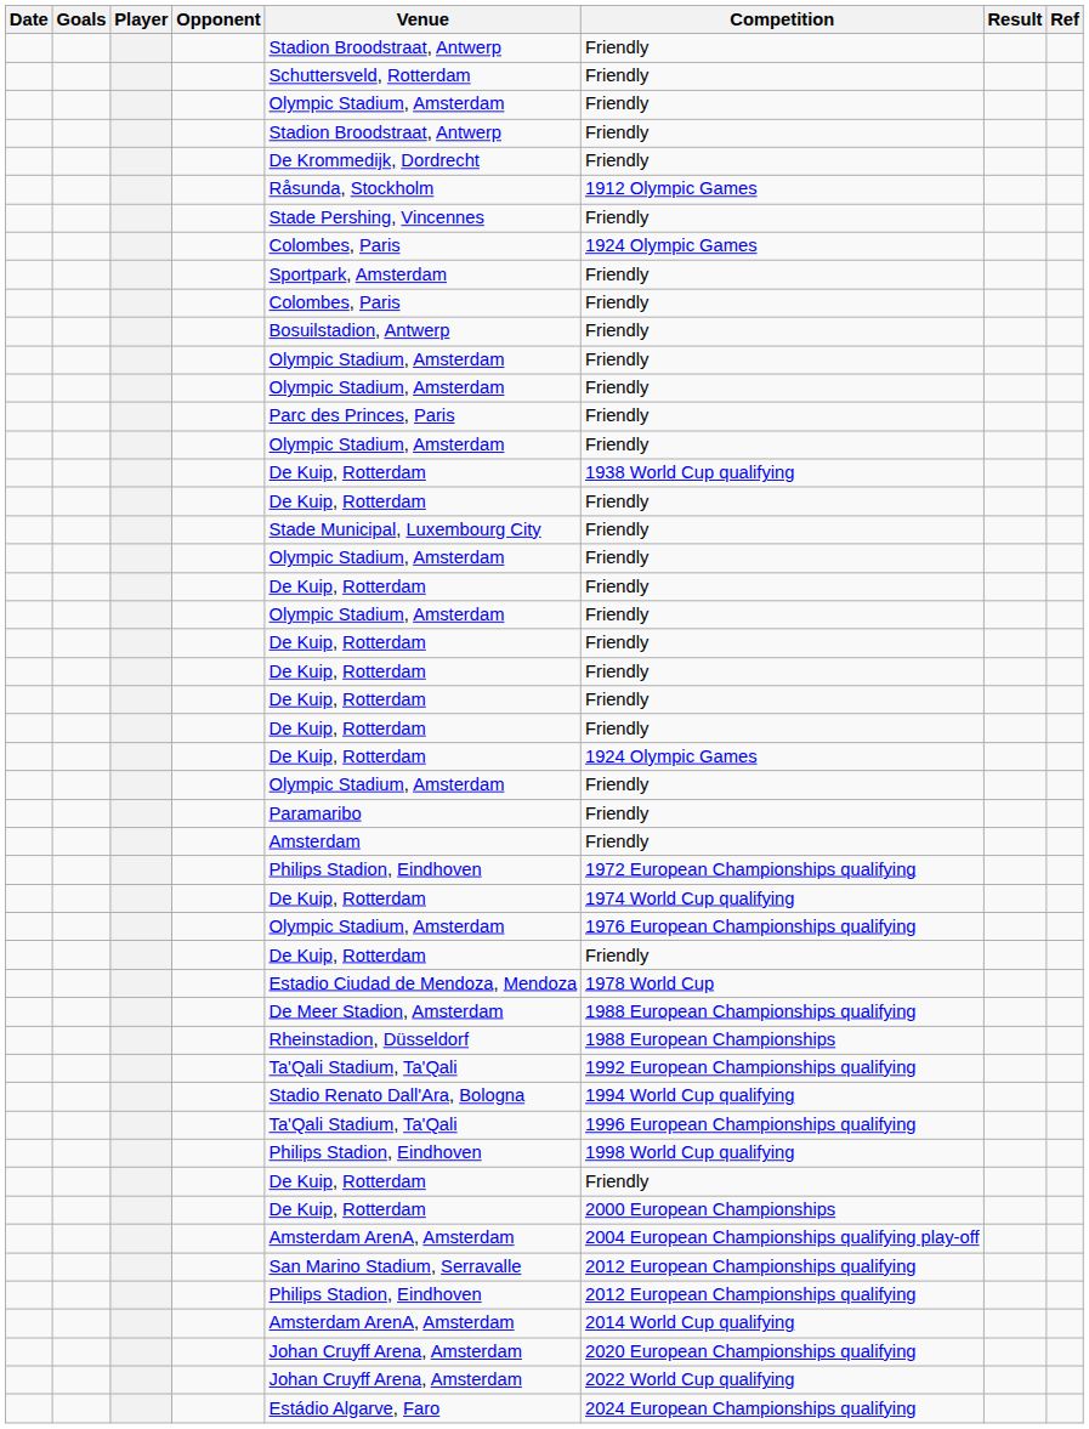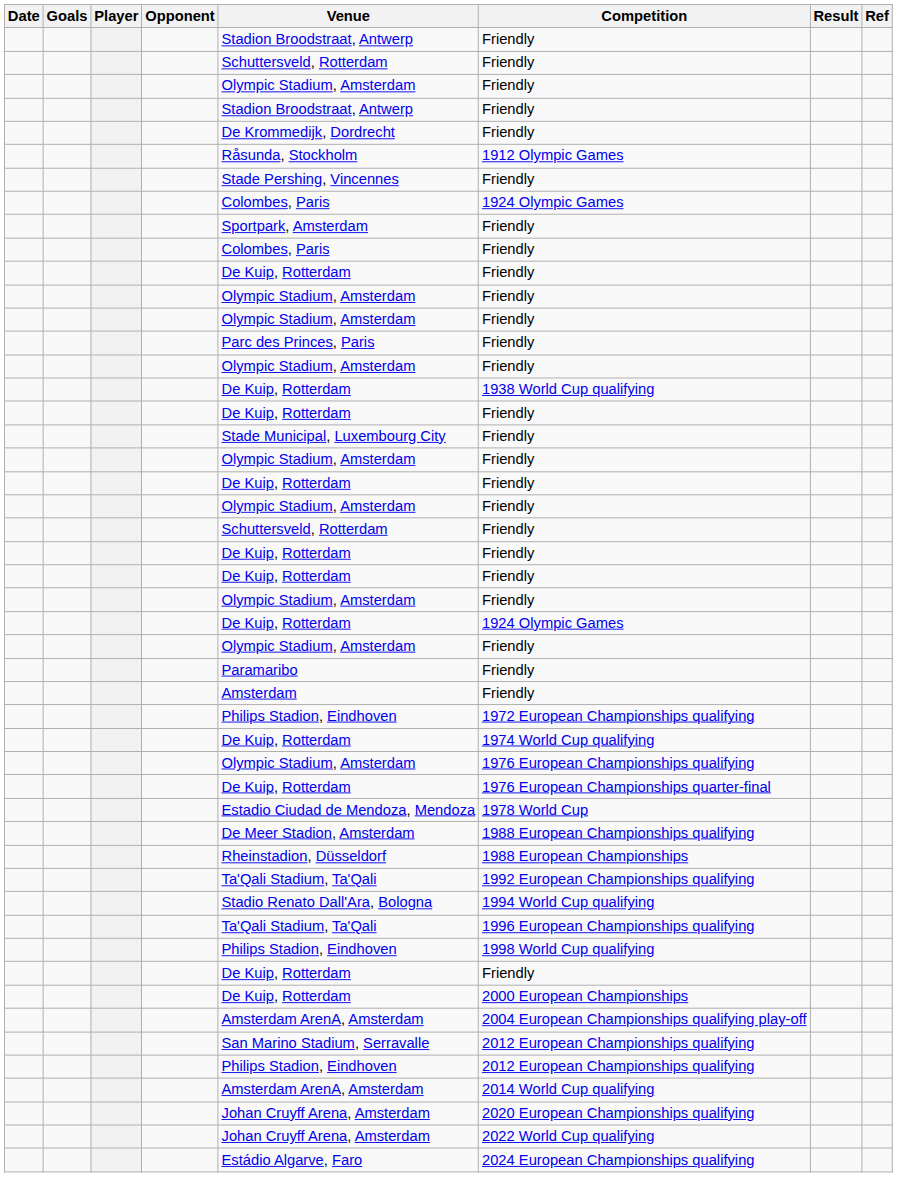 <table class="wikitable sortable plainrowheaders">
 <tr>
 <th scope="col">Date</th>
 <th scope="col">Goals</th>
 <th scope="col">Player</th>
 <th scope="col">Opponent</th>
 <th scope="col">Venue</th>
 <th scope="col">Competition</th>
 <th scope="col" class="align:center">Result</th>
 <th scope="col" class="unsortable">Ref</th>
 </tr>
 <tr>
 <td></td>
 <td></td>
 <th scope="row"></th>
 <td></td>
 <td><a href='#'>Stadion Broodstraat</a>, <a href='#'>Antwerp</a></td>
 <td>Friendly</td>
 <td data-sort-value="04"></td>
 <td></td>
 </tr>
 <tr>
 <td></td>
 <td></td>
 <th scope="row"></th>
 <td></td>
 <td><a href='#'>Schuttersveld</a>, <a href='#'>Rotterdam</a></td>
 <td>Friendly</td>
 <td data-sort-value="04"></td>
 <td></td>
 </tr>
 <tr>
 <td></td>
 <td></td>
 <th scope="row"></th>
 <td></td>
 <td><a href='#'>Olympic Stadium</a>, <a href='#'>Amsterdam</a></td>
 <td>Friendly</td>
 <td data-sort-value="07"></td>
 <td></td>
 </tr>
 <tr>
 <td></td>
 <td></td>
 <th scope="row"></th>
 <td></td>
 <td><a href='#'>Stadion Broodstraat</a>, <a href='#'>Antwerp</a></td>
 <td>Friendly</td>
 <td data-sort-value="05"></td>
 <td></td>
 </tr>
 <tr>
 <td></td>
 <td></td>
 <th scope="row"></th>
 <td></td>
 <td><a href='#'>De Krommedijk</a>, <a href='#'>Dordrecht</a></td>
 <td>Friendly</td>
 <td data-sort-value="04"></td>
 <td></td>
 </tr>
 <tr>
 <td></td>
 <td></td>
 <th scope="row"></th>
 <td></td>
 <td><a href='#'>Råsunda</a>, <a href='#'>Stockholm</a></td>
 <td><a href='#'>1912 Olympic Games</a></td>
 <td data-sort-value="09"></td>
 <td></td>
 </tr>
 <tr>
 <td></td>
 <td></td>
 <th scope="row"></th>
 <td></td>
 <td><a href='#'>Stade Pershing</a>, <a href='#'>Vincennes</a></td>
 <td>Friendly</td>
 <td data-sort-value="05"></td>
 <td></td>
 </tr>
 <tr>
 <td></td>
 <td></td>
 <th scope="row"></th>
 <td></td>
 <td><a href='#'>Colombes</a>, <a href='#'>Paris</a></td>
 <td><a href='#'>1924 Olympic Games</a></td>
 <td data-sort-value="06"></td>
 <td></td>
 </tr>
 <tr>
 <td></td>
 <td></td>
 <th scope="row"></th>
 <td></td>
 <td><a href='#'>Sportpark</a>, <a href='#'>Amsterdam</a></td>
 <td>Friendly</td>
 <td data-sort-value="05"></td>
 <td></td>
 </tr>
 <tr>
 <td></td>
 <td></td>
 <th scope="row"></th>
 <td></td>
 <td><a href='#'>Colombes</a>, <a href='#'>Paris</a></td>
 <td>Friendly</td>
 <td data-sort-value="04"></td>
 <td></td>
 </tr>
 <tr>
 <td></td>
 <td></td>
 <th scope="row"></th>
 <td></td>
-<td><a href='#'>Bosuilstadion</a>, <a href='#'>Antwerp</a></td>
+<td><a href='#'>De Kuip</a>, <a href='#'>Rotterdam</a></td>
 <td>Friendly</td>
 <td data-sort-value="04"></td>
 <td></td>
 </tr>
 <tr>
 <td></td>
 <td></td>
 <th scope="row"></th>
 <td></td>
 <td><a href='#'>Olympic Stadium</a>, <a href='#'>Amsterdam</a></td>
 <td>Friendly</td>
 <td data-sort-value="09"></td>
 <td></td>
 </tr>
 <tr>
 <td></td>
 <td></td>
 <th scope="row"></th>
 <td></td>
 <td><a href='#'>Olympic Stadium</a>, <a href='#'>Amsterdam</a></td>
 <td>Friendly</td>
 <td data-sort-value="04"></td>
 <td></td>
 </tr>
 <tr>
 <td></td>
 <td></td>
 <th scope="row"></th>
 <td></td>
 <td><a href='#'>Parc des Princes</a>, <a href='#'>Paris</a></td>
 <td>Friendly</td>
 <td data-sort-value="06"></td>
 <td></td>
 </tr>
 <tr>
 <td></td>
 <td></td>
 <th scope="row"></th>
 <td></td>
 <td><a href='#'>Olympic Stadium</a>, <a href='#'>Amsterdam</a></td>
 <td>Friendly</td>
 <td data-sort-value="08"></td>
 <td></td>
 </tr>
 <tr>
 <td></td>
 <td></td>
 <th scope="row"></th>
 <td></td>
 <td><a href='#'>De Kuip</a>, <a href='#'>Rotterdam</a></td>
 <td><a href='#'>1938 World Cup qualifying</a></td>
 <td data-sort-value="04"></td>
 <td></td>
 </tr>
 <tr>
 <td></td>
 <td></td>
 <th scope="row"></th>
 <td></td>
 <td><a href='#'>De Kuip</a>, <a href='#'>Rotterdam</a></td>
 <td>Friendly</td>
 <td data-sort-value="07"></td>
 <td></td>
 </tr>
 <tr>
 <td></td>
 <td></td>
 <th scope="row"></th>
 <td></td>
 <td><a href='#'>Stade Municipal</a>, <a href='#'>Luxembourg City</a></td>
 <td>Friendly</td>
 <td data-sort-value="06"></td>
 <td></td>
 </tr>
 <tr>
 <td></td>
 <td></td>
 <th scope="row"></th>
 <td></td>
 <td><a href='#'>Olympic Stadium</a>, <a href='#'>Amsterdam</a></td>
 <td>Friendly</td>
 <td data-sort-value="06"></td>
 <td></td>
 </tr>
 <tr>
 <td></td>
 <td></td>
 <th scope="row"></th>
 <td></td>
 <td><a href='#'>De Kuip</a>, <a href='#'>Rotterdam</a></td>
 <td>Friendly</td>
 <td data-sort-value="04"></td>
 <td></td>
 </tr>
 <tr>
 <td></td>
 <td></td>
 <th scope="row"></th>
 <td></td>
 <td><a href='#'>Olympic Stadium</a>, <a href='#'>Amsterdam</a></td>
 <td>Friendly</td>
 <td data-sort-value="05"></td>
 <td></td>
 </tr>
 <tr>
 <td></td>
 <td></td>
 <th scope="row"></th>
 <td></td>
-<td><a href='#'>De Kuip</a>, <a href='#'>Rotterdam</a></td>
+<td><a href='#'>Schuttersveld</a>, <a href='#'>Rotterdam</a></td>
 <td>Friendly</td>
 <td data-sort-value="04"></td>
 <td></td>
 </tr>
 <tr>
 <td></td>
 <td></td>
 <th scope="row"></th>
 <td></td>
 <td><a href='#'>De Kuip</a>, <a href='#'>Rotterdam</a></td>
 <td>Friendly</td>
 <td data-sort-value="06"></td>
 <td></td>
 </tr>
 <tr>
 <td></td>
 <td></td>
 <th scope="row"></th>
 <td></td>
 <td><a href='#'>De Kuip</a>, <a href='#'>Rotterdam</a></td>
 <td>Friendly</td>
 <td data-sort-value="09"></td>
 <td></td>
 </tr>
 <tr>
 <td></td>
 <td></td>
 <th scope="row"></th>
 <td></td>
-<td><a href='#'>De Kuip</a>, <a href='#'>Rotterdam</a></td>
+<td><a href='#'>Olympic Stadium</a>, <a href='#'>Amsterdam</a></td>
 <td>Friendly</td>
 <td data-sort-value="09"></td>
 <td></td>
 </tr>
 <tr>
 <td></td>
 <td></td>
 <th scope="row"></th>
 <td></td>
 <td><a href='#'>De Kuip</a>, <a href='#'>Rotterdam</a></td>
 <td><a href='#'>1924 Olympic Games</a></td>
 <td data-sort-value="07"></td>
 <td></td>
 </tr>
 <tr>
 <td></td>
 <td></td>
 <th scope="row"></th>
 <td></td>
 <td><a href='#'>Olympic Stadium</a>, <a href='#'>Amsterdam</a></td>
 <td>Friendly</td>
 <td data-sort-value="04"></td>
 <td></td>
 </tr>
 <tr>
 <td></td>
 <td></td>
 <th scope="row"></th>
 <td></td>
 <td><a href='#'>Paramaribo</a></td>
 <td>Friendly</td>
 <td data-sort-value="04"></td>
 <td></td>
 </tr>
 <tr>
 <td></td>
 <td></td>
 <th scope="row"></th>
 <td></td>
 <td><a href='#'>Amsterdam</a></td>
 <td>Friendly</td>
 <td data-sort-value="08"></td>
 <td></td>
 </tr>
 <tr>
 <td></td>
 <td></td>
 <th scope="row"></th>
 <td></td>
 <td><a href='#'>Philips Stadion</a>, <a href='#'>Eindhoven</a></td>
 <td><a href='#'>1972 European Championships qualifying</a></td>
 <td data-sort-value="08"></td>
 <td></td>
 </tr>
 <tr>
 <td></td>
 <td></td>
 <th scope="row"></th>
 <td></td>
 <td><a href='#'>De Kuip</a>, <a href='#'>Rotterdam</a></td>
 <td><a href='#'>1974 World Cup qualifying</a></td>
 <td data-sort-value="09"></td>
 <td></td>
 </tr>
 <tr>
 <td></td>
 <td></td>
 <th scope="row"></th>
 <td></td>
 <td><a href='#'>Olympic Stadium</a>, <a href='#'>Amsterdam</a></td>
 <td><a href='#'>1976 European Championships qualifying</a></td>
 <td data-sort-value="04"></td>
 <td></td>
 </tr>
 <tr>
 <td></td>
 <td></td>
 <th scope="row"></th>
 <td></td>
 <td><a href='#'>De Kuip</a>, <a href='#'>Rotterdam</a></td>
-<td>Friendly</td>
+<td><a href='#'>1976 European Championships quarter-final</a></td>
 <td data-sort-value="05"></td>
 <td></td>
 </tr>
 <tr>
 <td></td>
 <td></td>
 <th scope="row"></th>
 <td></td>
 <td><a href='#'>Estadio Ciudad de Mendoza</a>, <a href='#'>Mendoza</a></td>
 <td><a href='#'>1978 World Cup</a></td>
 <td data-sort-value="03"></td>
 <td></td>
 </tr>
 <tr>
 <td></td>
 <td></td>
 <th scope="row"></th>
 <td></td>
 <td><a href='#'>De Meer Stadion</a>, <a href='#'>Amsterdam</a></td>
 <td><a href='#'>1988 European Championships qualifying</a></td>
 <td data-sort-value="04"></td>
 <td></td>
 </tr>
 <tr>
 <td></td>
 <td></td>
 <th scope="row"></th>
 <td></td>
 <td><a href='#'>Rheinstadion</a>, <a href='#'>Düsseldorf</a></td>
 <td><a href='#'>1988 European Championships</a></td>
 <td data-sort-value="03"></td>
 <td></td>
 </tr>
 <tr>
 <td></td>
 <td></td>
 <th scope="row"></th>
 <td></td>
 <td><a href='#'>Ta'Qali Stadium</a>, <a href='#'>Ta'Qali</a></td>
 <td><a href='#'>1992 European Championships qualifying</a></td>
 <td data-sort-value="08"></td>
 <td></td>
 </tr>
 <tr>
 <td></td>
 <td></td>
 <th scope="row"></th>
 <td></td>
 <td><a href='#'>Stadio Renato Dall'Ara</a>, <a href='#'>Bologna</a></td>
 <td><a href='#'>1994 World Cup qualifying</a></td>
 <td data-sort-value="07"></td>
 <td></td>
 </tr>
 <tr>
 <td></td>
 <td></td>
 <th scope="row"></th>
 <td></td>
 <td><a href='#'>Ta'Qali Stadium</a>, <a href='#'>Ta'Qali</a></td>
 <td><a href='#'>1996 European Championships qualifying</a></td>
 <td data-sort-value="04"></td>
 <td></td>
 </tr>
 <tr>
 <td></td>
 <td></td>
 <th scope="row"></th>
 <td></td>
 <td><a href='#'>Philips Stadion</a>, <a href='#'>Eindhoven</a></td>
 <td><a href='#'>1998 World Cup qualifying</a></td>
 <td data-sort-value="07"></td>
 <td></td>
 </tr>
 <tr>
 <td></td>
 <td></td>
 <th scope="row"></th>
 <td></td>
 <td><a href='#'>De Kuip</a>, <a href='#'>Rotterdam</a></td>
 <td>Friendly</td>
 <td data-sort-value="05"></td>
 <td></td>
 </tr>
 <tr>
 <td></td>
 <td></td>
 <th scope="row"></th>
 <td></td>
 <td><a href='#'>De Kuip</a>, <a href='#'>Rotterdam</a></td>
 <td><a href='#'>2000 European Championships</a></td>
 <td data-sort-value="06"></td>
 <td></td>
 </tr>
 <tr>
 <td></td>
 <td></td>
 <th scope="row"></th>
 <td></td>
 <td><a href='#'>Amsterdam ArenA</a>, <a href='#'>Amsterdam</a></td>
 <td><a href='#'>2004 European Championships qualifying play-off</a></td>
 <td data-sort-value="06"></td>
 <td></td>
 </tr>
 <tr>
 <td></td>
 <td></td>
 <th scope="row"></th>
 <td></td>
 <td><a href='#'>San Marino Stadium</a>, <a href='#'>Serravalle</a></td>
 <td><a href='#'>2012 European Championships qualifying</a></td>
 <td data-sort-value="05"></td>
 <td></td>
 </tr>
 <tr>
 <td></td>
 <td></td>
 <th scope="row"></th>
 <td></td>
 <td><a href='#'>Philips Stadion</a>, <a href='#'>Eindhoven</a></td>
 <td><a href='#'>2012 European Championships qualifying</a></td>
 <td data-sort-value="11"></td>
 <td></td>
 </tr>
 <tr>
 <td></td>
 <td></td>
 <th scope="row"></th>
 <td></td>
 <td><a href='#'>Amsterdam ArenA</a>, <a href='#'>Amsterdam</a></td>
 <td><a href='#'>2014 World Cup qualifying</a></td>
 <td data-sort-value="08"></td>
 <td></td>
 </tr>
 <tr>
 <td></td>
 <td></td>
 <th scope="row"></th>
 <td></td>
 <td><a href='#'>Johan Cruyff Arena</a>, <a href='#'>Amsterdam</a></td>
 <td><a href='#'>2020 European Championships qualifying</a></td>
 <td data-sort-value="05"></td>
 <td></td>
 </tr>
 <tr>
 <td></td>
 <td></td>
 <th scope="row"></th>
 <td></td>
 <td><a href='#'>Johan Cruyff Arena</a>, <a href='#'>Amsterdam</a></td>
 <td><a href='#'>2022 World Cup qualifying</a></td>
 <td data-sort-value="06"></td>
 <td></td>
 </tr>
 <tr>
 <td></td>
 <td></td>
 <th scope="row"></th>
 <td></td>
 <td><a href='#'>Estádio Algarve</a>, <a href='#'>Faro</a></td>
 <td><a href='#'>2024 European Championships qualifying</a></td>
 <td data-sort-value="06"></td>
 <td></td>
 </tr>
 </table>
